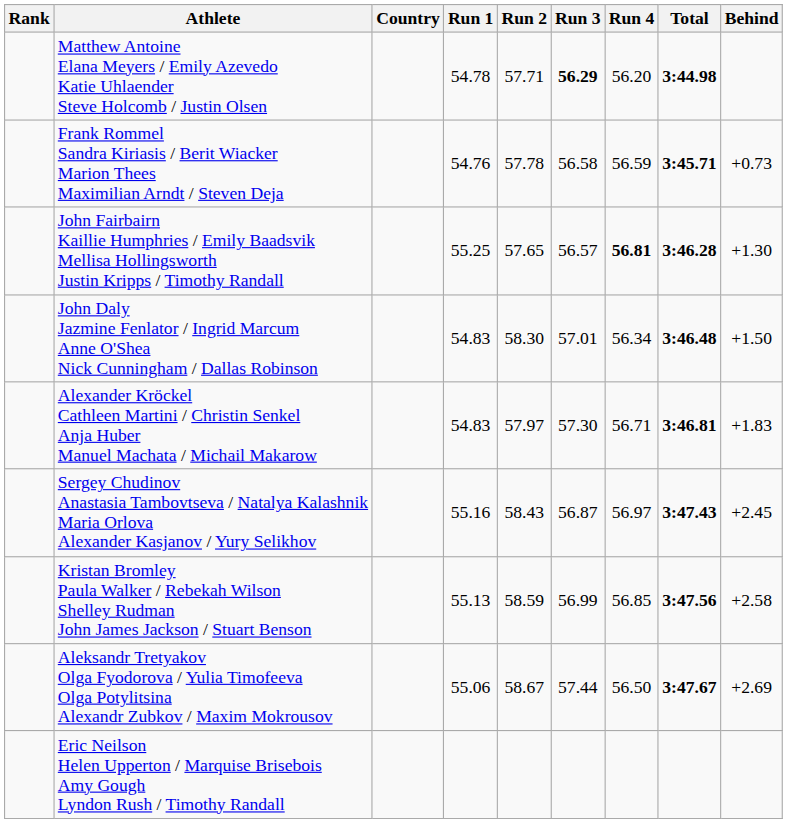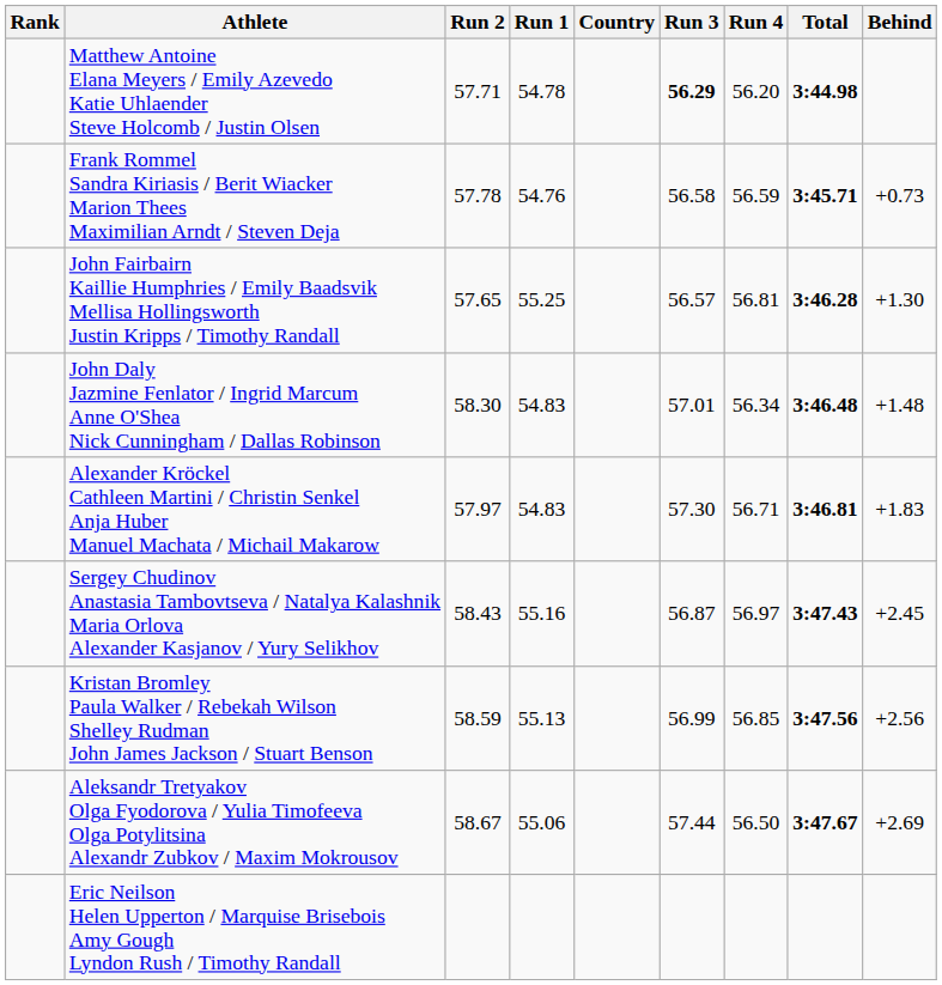 <table class="wikitable sortable" style="text-align:center">
 <tr bgcolor=efefef>
 <th>Rank</th>
 <th>Athlete</th>
+<th>Run 2</th>
+<th>Run 1</th>
 <th>Country</th>
-<th>Run 1</th>
-<th>Run 2</th>
 <th>Run 3</th>
 <th>Run 4</th>
 <th>Total</th>
 <th>Behind</th>
 </tr>
 <tr>
 <td></td>
 <td align=left><a href='#'>Matthew Antoine</a><br><a href='#'>Elana Meyers</a> / <a href='#'>Emily Azevedo</a><br><a href='#'>Katie Uhlaender</a><br><a href='#'>Steve Holcomb</a> / <a href='#'>Justin Olsen</a></td>
+<td>57.71</td>
+<td>54.78</td>
 <td align=left></td>
-<td>54.78</td>
-<td>57.71</td>
 <td><strong>56.29</strong></td>
 <td>56.20</td>
 <td><strong>3:44.98</strong></td>
 <td></td>
 </tr>
 <tr>
 <td></td>
 <td align=left><a href='#'>Frank Rommel</a><br><a href='#'>Sandra Kiriasis</a> / <a href='#'>Berit Wiacker</a><br><a href='#'>Marion Thees</a><br><a href='#'>Maximilian Arndt</a> / <a href='#'>Steven Deja</a></td>
+<td>57.78</td>
+<td>54.76</td>
 <td align=left></td>
-<td>54.76</td>
-<td>57.78</td>
 <td>56.58</td>
 <td>56.59</td>
 <td><strong>3:45.71</strong></td>
 <td>+0.73</td>
 </tr>
 <tr>
 <td></td>
 <td align=left><a href='#'>John Fairbairn</a><br><a href='#'>Kaillie Humphries</a> / <a href='#'>Emily Baadsvik</a><br><a href='#'>Mellisa Hollingsworth</a><br><a href='#'>Justin Kripps</a> / <a href='#'>Timothy Randall</a></td>
+<td>57.65</td>
+<td>55.25</td>
 <td align=left></td>
-<td>55.25</td>
-<td>57.65</td>
 <td>56.57</td>
-<td><strong>56.81</strong></td>
+<td>56.81</td>
 <td><strong>3:46.28</strong></td>
 <td>+1.30</td>
 </tr>
 <tr>
 <td></td>
 <td align=left><a href='#'>John Daly</a><br><a href='#'>Jazmine Fenlator</a> / <a href='#'>Ingrid Marcum</a><br><a href='#'>Anne O'Shea</a><br><a href='#'>Nick Cunningham</a> / <a href='#'>Dallas Robinson</a></td>
+<td>58.30</td>
+<td>54.83</td>
 <td align=left></td>
-<td>54.83</td>
-<td>58.30</td>
 <td>57.01</td>
 <td>56.34</td>
 <td><strong>3:46.48</strong></td>
-<td>+1.50</td>
+<td>+1.48</td>
 </tr>
 <tr>
 <td></td>
 <td align=left><a href='#'>Alexander Kröckel</a><br><a href='#'>Cathleen Martini</a> / <a href='#'>Christin Senkel</a><br><a href='#'>Anja Huber</a><br><a href='#'>Manuel Machata</a> / <a href='#'>Michail Makarow</a></td>
+<td>57.97</td>
+<td>54.83</td>
 <td align=left></td>
-<td>54.83</td>
-<td>57.97</td>
 <td>57.30</td>
 <td>56.71</td>
 <td><strong>3:46.81</strong></td>
 <td>+1.83</td>
 </tr>
 <tr>
 <td></td>
 <td align=left><a href='#'>Sergey Chudinov</a><br><a href='#'>Anastasia Tambovtseva</a> / <a href='#'>Natalya Kalashnik</a><br><a href='#'>Maria Orlova</a><br><a href='#'>Alexander Kasjanov</a> / <a href='#'>Yury Selikhov</a></td>
+<td>58.43</td>
+<td>55.16</td>
 <td align=left></td>
-<td>55.16</td>
-<td>58.43</td>
 <td>56.87</td>
 <td>56.97</td>
 <td><strong>3:47.43</strong></td>
 <td>+2.45</td>
 </tr>
 <tr>
 <td></td>
 <td align=left><a href='#'>Kristan Bromley</a><br><a href='#'>Paula Walker</a> / <a href='#'>Rebekah Wilson</a><br><a href='#'>Shelley Rudman</a><br><a href='#'>John James Jackson</a> / <a href='#'>Stuart Benson</a></td>
+<td>58.59</td>
+<td>55.13</td>
 <td align=left></td>
-<td>55.13</td>
-<td>58.59</td>
 <td>56.99</td>
 <td>56.85</td>
 <td><strong>3:47.56</strong></td>
-<td>+2.58</td>
+<td>+2.56</td>
 </tr>
 <tr>
 <td></td>
 <td align=left><a href='#'>Aleksandr Tretyakov</a><br><a href='#'>Olga Fyodorova</a> / <a href='#'>Yulia Timofeeva</a><br><a href='#'>Olga Potylitsina</a><br><a href='#'>Alexandr Zubkov</a> / <a href='#'>Maxim Mokrousov</a></td>
+<td>58.67</td>
+<td>55.06</td>
 <td align=left></td>
-<td>55.06</td>
-<td>58.67</td>
 <td>57.44</td>
 <td>56.50</td>
 <td><strong>3:47.67</strong></td>
 <td>+2.69</td>
 </tr>
 <tr>
 <td></td>
 <td align=left><a href='#'>Eric Neilson</a><br><a href='#'>Helen Upperton</a> / <a href='#'>Marquise Brisebois</a><br><a href='#'>Amy Gough</a><br><a href='#'>Lyndon Rush</a> / <a href='#'>Timothy Randall</a></td>
-<td align=left></td>
 <td></td>
 <td></td>
+<td align=left></td>
 <td></td>
 <td></td>
 <td><strong></strong></td>
 <td></td>
 </tr>
 </table>
